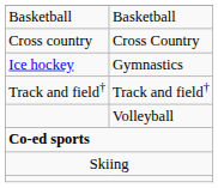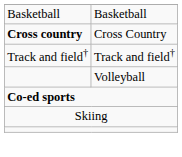 <table class="wikitable">
 <tr>
 </tr>
 <tr>
 <td>Basketball</td>
 <td>Basketball</td>
 </tr>
 <tr>
-<td>Cross country</td>
+<td><strong>Cross country</strong></td>
 <td>Cross Country</td>
-</tr>
-<tr>
-<td><a href='#'>Ice hockey</a></td>
-<td>Gymnastics</td>
 </tr>
 <tr>
 <td>Track and field<sup>†</sup></td>
 <td>Track and field<sup>†</sup></td>
 </tr>
 <tr>
 <td></td>
 <td>Volleyball</td>
 </tr>
 <tr>
 <td colspan="2"><strong>Co-ed sports</strong></td>
 </tr>
 <tr style="text-align:center">
 <td colspan="2">Skiing</td>
 </tr>
 <tr>
 <td colspan="2"></td>
 </tr>
 </table>
